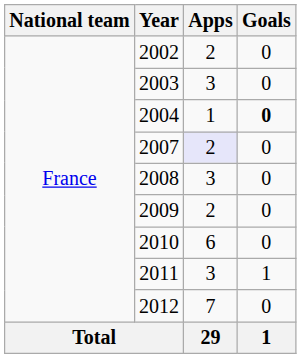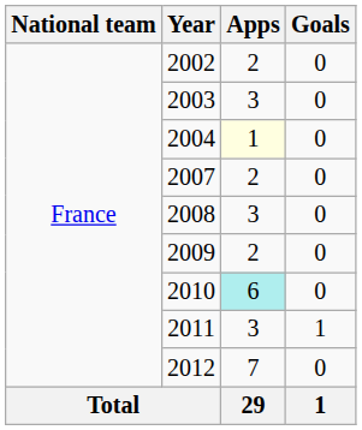 <table class="wikitable" style="text-align: center;">
 <tr>
 <th>National team</th>
 <th>Year</th>
 <th>Apps</th>
 <th>Goals</th>
 </tr>
 <tr>
 <td rowspan="9"><a href='#'>France</a></td>
 <td>2002</td>
 <td>2</td>
 <td>0</td>
 </tr>
 <tr>
 <td>2003</td>
 <td>3</td>
 <td>0</td>
 </tr>
 <tr>
 <td>2004</td>
-<td>1</td>
-<td><strong>0</strong></td>
+<td style="background: lightyellow;">1</td>
+<td>0</td>
 </tr>
 <tr>
 <td>2007</td>
-<td style="background: lavender;">2</td>
+<td>2</td>
 <td>0</td>
 </tr>
 <tr>
 <td>2008</td>
 <td>3</td>
 <td>0</td>
 </tr>
 <tr>
 <td>2009</td>
 <td>2</td>
 <td>0</td>
 </tr>
 <tr>
 <td>2010</td>
-<td>6</td>
+<td style="background: paleturquoise;">6</td>
 <td>0</td>
 </tr>
 <tr>
 <td>2011</td>
 <td>3</td>
 <td>1</td>
 </tr>
 <tr>
 <td>2012</td>
 <td>7</td>
 <td>0</td>
 </tr>
 <tr>
 <th colspan=2>Total</th>
 <th>29</th>
 <th>1</th>
 </tr>
 </table>
